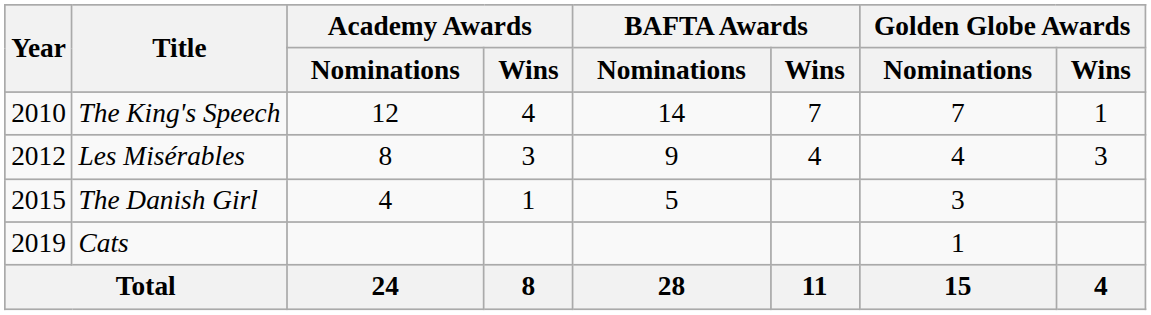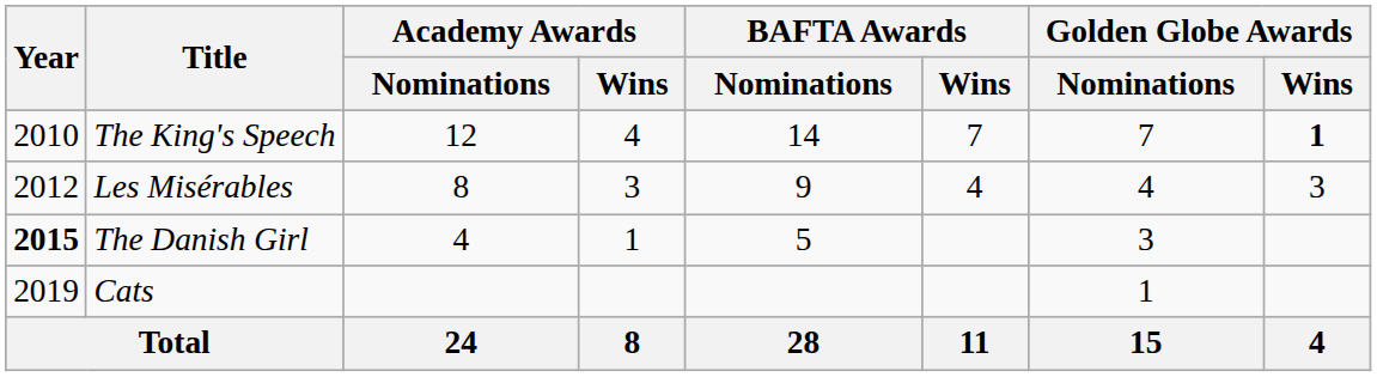 <table class="wikitable">
 <tr>
 <th rowspan="2">Year</th>
 <th rowspan="2">Title</th>
 <th colspan="2" width=160 style="text-align:center;">Academy Awards</th>
 <th colspan="2" width=160 style="text-align:center;">BAFTA Awards</th>
 <th colspan="2" width=160 style="text-align:center;">Golden Globe Awards</th>
 </tr>
 <tr>
 <th>Nominations</th>
 <th>Wins</th>
 <th>Nominations</th>
 <th>Wins</th>
 <th>Nominations</th>
 <th>Wins</th>
 </tr>
 <tr>
 <td>2010</td>
 <td><em>The King's Speech</em></td>
 <td align=center>12</td>
 <td align=center>4</td>
 <td align=center>14</td>
 <td align=center>7</td>
 <td align=center>7</td>
-<td align=center>1</td>
+<td align=center><strong>1</strong></td>
 </tr>
 <tr>
 <td>2012</td>
 <td><em>Les Misérables</em></td>
 <td align=center>8</td>
 <td align=center>3</td>
 <td align=center>9</td>
 <td align=center>4</td>
 <td align=center>4</td>
 <td align=center>3</td>
 </tr>
 <tr>
-<td>2015</td>
+<td><strong>2015</strong></td>
 <td><em>The Danish Girl</em></td>
 <td align=center>4</td>
 <td align=center>1</td>
 <td align=center>5</td>
 <td align=center></td>
 <td align=center>3</td>
 <td align=center></td>
 </tr>
 <tr>
 <td>2019</td>
 <td><em>Cats</em></td>
 <td align=center></td>
 <td align=center></td>
 <td align=center></td>
 <td align=center></td>
 <td align=center>1</td>
 <td align=center></td>
 </tr>
 <tr>
 <th colspan="2">Total</th>
 <th align=center>24</th>
 <th align=center>8</th>
 <th align=center>28</th>
 <th align=center>11</th>
 <th align=center>15</th>
 <th align=center>4</th>
 </tr>
 </table>
